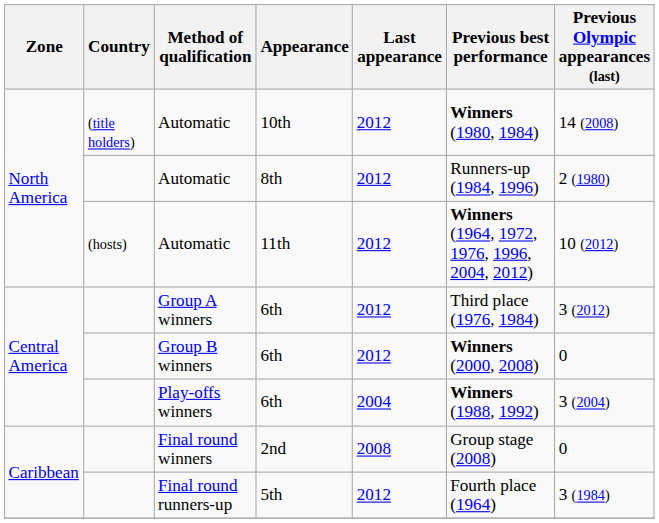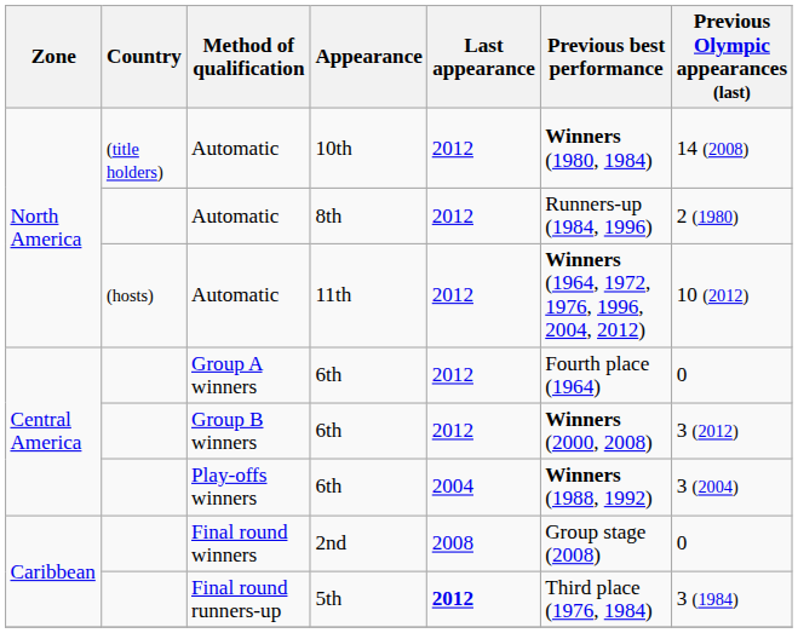 <table class="wikitable sortable">
 <tr>
 <th>Zone</th>
 <th>Country</th>
 <th>Method of qualification</th>
 <th>Appearance</th>
 <th>Last appearance</th>
 <th>Previous best performance</th>
 <th width=10%>Previous <a href='#'>Olympic</a> appearances<br><small>(last)</small></th>
 </tr>
 <tr>
 <td rowspan=3><a href='#'>North America</a></td>
 <td><br><small>(<a href='#'>title holders</a>)</small></td>
 <td>Automatic</td>
 <td>10th</td>
 <td><a href='#'>2012</a></td>
 <td><strong>Winners</strong> (<a href='#'>1980</a>, <a href='#'>1984</a>)</td>
 <td>14 <small>(<a href='#'>2008</a>)</small></td>
 </tr>
 <tr>
 <td></td>
 <td>Automatic</td>
 <td>8th</td>
 <td><a href='#'>2012</a></td>
 <td>Runners-up (<a href='#'>1984</a>, <a href='#'>1996</a>)</td>
 <td>2 <small>(<a href='#'>1980</a>)</small></td>
 </tr>
 <tr>
 <td> <small>(hosts)</small></td>
 <td>Automatic</td>
 <td>11th</td>
 <td><a href='#'>2012</a></td>
 <td><strong>Winners</strong> (<a href='#'>1964</a>, <a href='#'>1972</a>, <a href='#'>1976</a>, <a href='#'>1996</a>, <a href='#'>2004</a>, <a href='#'>2012</a>)</td>
 <td>10 <small>(<a href='#'>2012</a>)</small></td>
 </tr>
 <tr>
 <td rowspan=3><a href='#'>Central America</a></td>
 <td></td>
 <td><a href='#'>Group A</a> winners</td>
 <td>6th</td>
 <td><a href='#'>2012</a></td>
-<td>Third place (<a href='#'>1976</a>, <a href='#'>1984</a>)</td>
-<td>3 <small>(<a href='#'>2012</a>)</small></td>
+<td>Fourth place (<a href='#'>1964</a>)</td>
+<td>0</td>
 </tr>
 <tr>
 <td></td>
 <td><a href='#'>Group B</a> winners</td>
 <td>6th</td>
 <td><a href='#'>2012</a></td>
 <td><strong>Winners</strong> (<a href='#'>2000</a>, <a href='#'>2008</a>)</td>
-<td>0</td>
+<td>3 <small>(<a href='#'>2012</a>)</small></td>
 </tr>
 <tr>
 <td></td>
 <td><a href='#'>Play-offs</a> winners</td>
 <td>6th</td>
 <td><a href='#'>2004</a></td>
 <td><strong>Winners</strong> (<a href='#'>1988</a>, <a href='#'>1992</a>)</td>
 <td>3 <small>(<a href='#'>2004</a>)</small></td>
 </tr>
 <tr>
 <td rowspan=2><a href='#'>Caribbean</a></td>
 <td></td>
 <td><a href='#'>Final round</a> winners</td>
 <td>2nd</td>
 <td><a href='#'>2008</a></td>
 <td>Group stage (<a href='#'>2008</a>)</td>
 <td>0</td>
 </tr>
 <tr>
 <td></td>
 <td><a href='#'>Final round</a> runners-up</td>
 <td>5th</td>
-<td><a href='#'>2012</a></td>
-<td>Fourth place (<a href='#'>1964</a>)</td>
+<td><strong><a href='#'>2012</a></strong></td>
+<td>Third place (<a href='#'>1976</a>, <a href='#'>1984</a>)</td>
 <td>3 <small>(<a href='#'>1984</a>)</small></td>
 </tr>
 <tr>
 </tr>
 </table>
